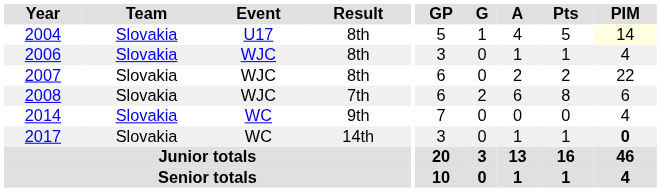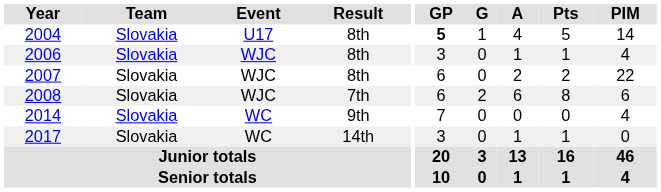 <table border="0" cellpadding="1" cellspacing="0" ID="Table3" style="text-align:center; width:40em">
 <tr ALIGN="center" bgcolor="#e0e0e0">
 <th>Year</th>
 <th>Team</th>
 <th>Event</th>
 <th>Result</th>
 <th rowspan="99" bgcolor="#ffffff"></th>
 <th>GP</th>
 <th>G</th>
 <th>A</th>
 <th>Pts</th>
 <th>PIM</th>
 </tr>
 <tr>
 <td><a href='#'>2004</a></td>
 <td><a href='#'>Slovakia</a></td>
 <td><a href='#'>U17</a></td>
 <td>8th</td>
-<td>5</td>
+<td><strong>5</strong></td>
 <td>1</td>
 <td>4</td>
 <td>5</td>
-<td style="background: lightyellow;">14</td>
+<td>14</td>
 </tr>
 <tr bgcolor="#f0f0f0">
 <td><a href='#'>2006</a></td>
 <td><a href='#'>Slovakia</a></td>
 <td><a href='#'>WJC</a></td>
 <td>8th</td>
 <td>3</td>
 <td>0</td>
 <td>1</td>
 <td>1</td>
 <td>4</td>
 </tr>
 <tr>
 <td><a href='#'>2007</a></td>
 <td>Slovakia</td>
 <td>WJC</td>
 <td>8th</td>
 <td>6</td>
 <td>0</td>
 <td>2</td>
 <td>2</td>
 <td>22</td>
 </tr>
 <tr bgcolor="#f0f0f0">
 <td><a href='#'>2008</a></td>
 <td>Slovakia</td>
 <td>WJC</td>
 <td>7th</td>
 <td>6</td>
 <td>2</td>
 <td>6</td>
 <td>8</td>
 <td>6</td>
 </tr>
 <tr>
 <td><a href='#'>2014</a></td>
 <td><a href='#'>Slovakia</a></td>
 <td><a href='#'>WC</a></td>
 <td>9th</td>
 <td>7</td>
 <td>0</td>
 <td>0</td>
 <td>0</td>
 <td>4</td>
 </tr>
 <tr bgcolor="#f0f0f0">
 <td><a href='#'>2017</a></td>
 <td>Slovakia</td>
 <td>WC</td>
 <td>14th</td>
 <td>3</td>
 <td>0</td>
 <td>1</td>
 <td>1</td>
-<td><strong>0</strong></td>
+<td>0</td>
 </tr>
 <tr bgcolor="#e0e0e0">
 <th colspan="4">Junior totals</th>
 <th>20</th>
 <th>3</th>
 <th>13</th>
 <th>16</th>
 <th>46</th>
 </tr>
 <tr bgcolor="#e0e0e0">
 <th colspan="4">Senior totals</th>
 <th>10</th>
 <th>0</th>
 <th>1</th>
 <th>1</th>
 <th>4</th>
 </tr>
 </table>
